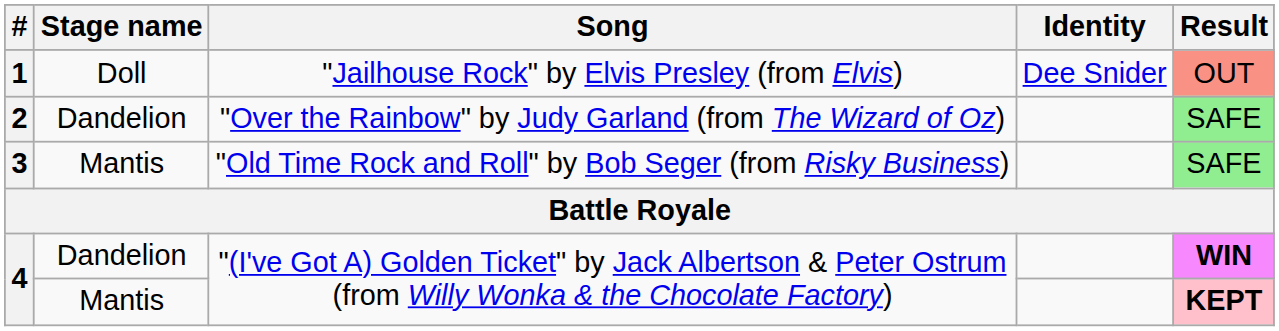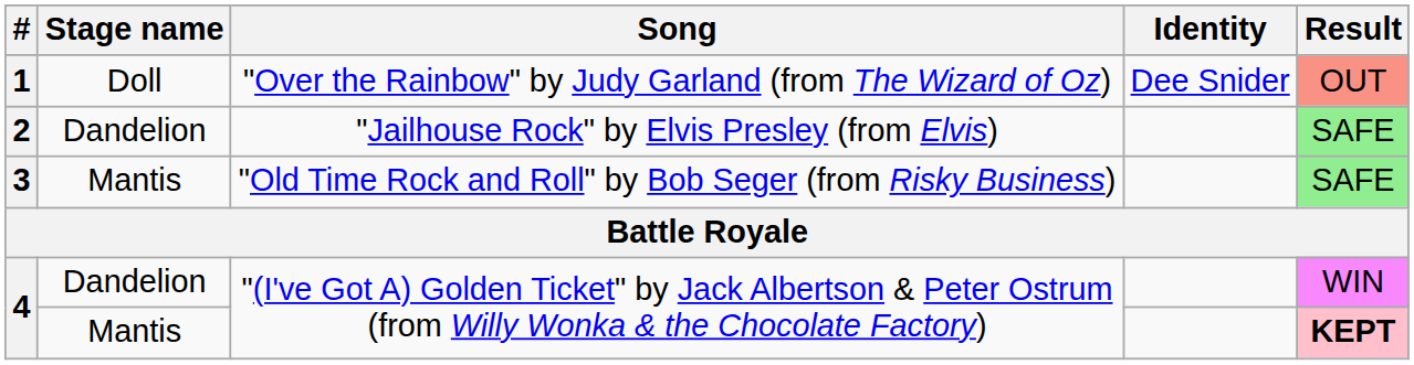 <table class="wikitable plainrowheaders" style="text-align: center;">
 <tr>
 <th>#</th>
 <th>Stage name</th>
 <th>Song</th>
 <th>Identity</th>
 <th>Result</th>
 </tr>
 <tr>
 <th>1</th>
 <td>Doll</td>
-<td>"<a href='#'>Jailhouse Rock</a>" by <a href='#'>Elvis Presley</a> (from <em><a href='#'>Elvis</a></em>)</td>
+<td>"<a href='#'>Over the Rainbow</a>" by <a href='#'>Judy Garland</a> (from <em><a href='#'>The Wizard of Oz</a></em>)</td>
 <td><a href='#'>Dee Snider</a></td>
 <td bgcolor=#F99185>OUT</td>
 </tr>
 <tr>
 <th>2</th>
 <td>Dandelion</td>
-<td>"<a href='#'>Over the Rainbow</a>" by <a href='#'>Judy Garland</a> (from <em><a href='#'>The Wizard of Oz</a></em>)</td>
+<td>"<a href='#'>Jailhouse Rock</a>" by <a href='#'>Elvis Presley</a> (from <em><a href='#'>Elvis</a></em>)</td>
 <td></td>
 <td bgcolor=lightgreen>SAFE</td>
 </tr>
 <tr>
 <th>3</th>
 <td>Mantis</td>
 <td>"<a href='#'>Old Time Rock and Roll</a>" by <a href='#'>Bob Seger</a> (from <em><a href='#'>Risky Business</a></em>)</td>
 <td></td>
 <td bgcolor=lightgreen>SAFE</td>
 </tr>
 <tr>
 <th colspan=5>Battle Royale</th>
 </tr>
 <tr>
 <th rowspan=2>4</th>
 <td>Dandelion</td>
 <td rowspan=2>"<a href='#'>(I've Got A) Golden Ticket</a>" by <a href='#'>Jack Albertson</a> & <a href='#'>Peter Ostrum</a><br>(from <em><a href='#'>Willy Wonka & the Chocolate Factory</a></em>)</td>
 <td></td>
-<td bgcolor="#F888FD"><strong>WIN</strong></td>
+<td bgcolor="#F888FD">WIN</td>
 </tr>
 <tr>
 <td>Mantis</td>
 <td></td>
 <td bgcolor="pink"><strong>KEPT</strong></td>
 </tr>
 </table>
